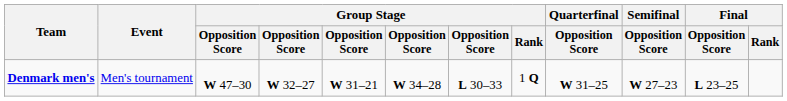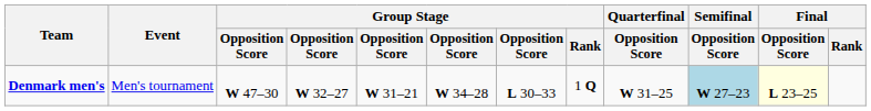 <table class="wikitable" style="font-size:90%">
 <tr>
 <th rowspan=2>Team</th>
 <th rowspan=2>Event</th>
 <th colspan=6>Group Stage</th>
 <th>Quarterfinal</th>
 <th>Semifinal</th>
 <th colspan=2>Final</th>
 </tr>
 <tr style="font-size:95%">
 <th>Opposition<br>Score</th>
 <th>Opposition<br>Score</th>
 <th>Opposition<br>Score</th>
 <th>Opposition<br>Score</th>
 <th>Opposition<br>Score</th>
 <th>Rank</th>
 <th>Opposition<br>Score</th>
 <th>Opposition<br>Score</th>
 <th>Opposition<br>Score</th>
 <th>Rank</th>
 </tr>
 <tr align=center>
 <td align=left><strong><a href='#'>Denmark men's</a></strong></td>
 <td align=left><a href='#'>Men's tournament</a></td>
 <td><br><strong>W</strong> 47–30</td>
 <td><br><strong>W</strong> 32–27</td>
 <td><br><strong>W</strong> 31–21</td>
 <td><br><strong>W</strong> 34–28</td>
 <td><br><strong>L</strong> 30–33</td>
 <td>1 <strong>Q</strong></td>
 <td><br><strong>W</strong> 31–25</td>
-<td><br><strong>W</strong> 27–23</td>
-<td><br><strong>L</strong> 23–25</td>
+<td style="background: lightblue;"><br><strong>W</strong> 27–23</td>
+<td style="background: lightyellow;"><br><strong>L</strong> 23–25</td>
 <td></td>
 </tr>
 </table>
